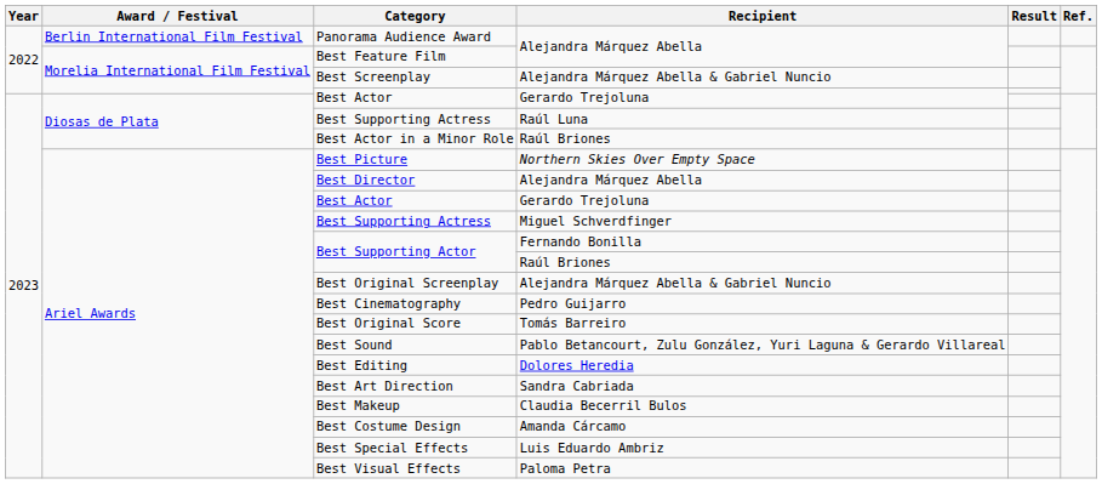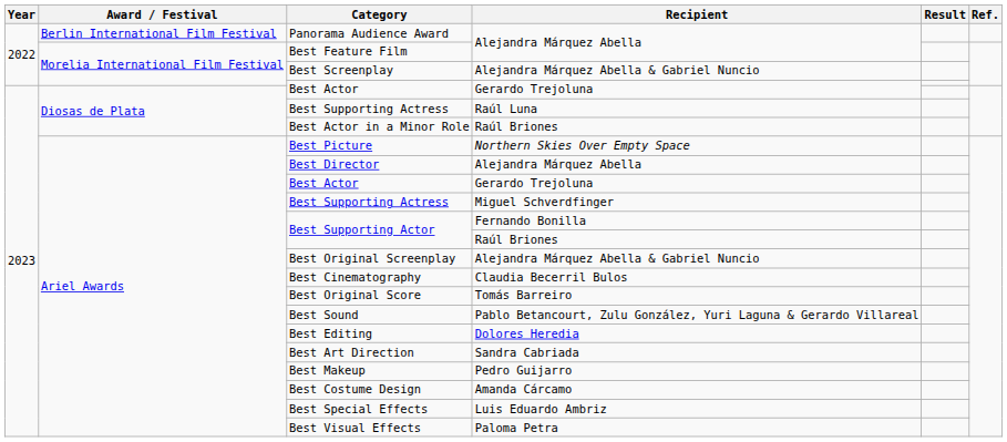 <table class="wikitable">
 <tr>
 <th>Year</th>
 <th>Award / Festival</th>
 <th>Category</th>
 <th>Recipient</th>
 <th>Result</th>
 <th>Ref.</th>
 </tr>
 <tr>
 <td rowspan="4">2022</td>
 <td><a href='#'>Berlin International Film Festival</a></td>
 <td>Panorama Audience Award</td>
 <td rowspan="2">Alejandra Márquez Abella</td>
 <td></td>
 <td></td>
 </tr>
 <tr>
 <td rowspan="3"><a href='#'>Morelia International Film Festival</a></td>
 <td>Best Feature Film</td>
 <td></td>
 <td rowspan="3"></td>
 </tr>
 <tr>
 <td>Best Screenplay</td>
 <td>Alejandra Márquez Abella & Gabriel Nuncio</td>
 <td></td>
 </tr>
 <tr>
 <td rowspan="2">Best Actor</td>
 <td rowspan="2">Gerardo Trejoluna</td>
 <td></td>
 </tr>
 <tr>
 <td rowspan="19">2023</td>
 <td rowspan="3"><a href='#'>Diosas de Plata</a></td>
 <td></td>
 <td rowspan="3"></td>
 </tr>
 <tr>
 <td>Best Supporting Actress</td>
 <td>Raúl Luna</td>
 <td></td>
 </tr>
 <tr>
 <td>Best Actor in a Minor Role</td>
 <td>Raúl Briones</td>
 <td></td>
 </tr>
 <tr>
 <td rowspan="16"><a href='#'>Ariel Awards</a></td>
 <td><a href='#'>Best Picture</a></td>
 <td><em>Northern Skies Over Empty Space</em></td>
 <td></td>
 <td rowspan="16"></td>
 </tr>
 <tr>
 <td><a href='#'>Best Director</a></td>
 <td>Alejandra Márquez Abella</td>
 <td></td>
 </tr>
 <tr>
 <td><a href='#'>Best Actor</a></td>
 <td>Gerardo Trejoluna</td>
 <td></td>
 </tr>
 <tr>
 <td><a href='#'>Best Supporting Actress</a></td>
 <td>Miguel Schverdfinger</td>
 <td></td>
 </tr>
 <tr>
 <td rowspan="2"><a href='#'>Best Supporting Actor</a></td>
 <td>Fernando Bonilla</td>
 <td></td>
 </tr>
 <tr>
 <td>Raúl Briones</td>
 <td></td>
 </tr>
 <tr>
 <td>Best Original Screenplay</td>
 <td>Alejandra Márquez Abella & Gabriel Nuncio</td>
 <td></td>
 </tr>
 <tr>
 <td>Best Cinematography</td>
-<td>Pedro Guijarro</td>
+<td>Claudia Becerril Bulos</td>
 <td></td>
 </tr>
 <tr>
 <td>Best Original Score</td>
 <td>Tomás Barreiro</td>
 <td></td>
 </tr>
 <tr>
 <td>Best Sound</td>
 <td>Pablo Betancourt, Zulu González, Yuri Laguna & Gerardo Villareal</td>
 <td></td>
 </tr>
 <tr>
 <td>Best Editing</td>
 <td><a href='#'>Dolores Heredia</a></td>
 <td></td>
 </tr>
 <tr>
 <td>Best Art Direction</td>
 <td>Sandra Cabriada</td>
 <td></td>
 </tr>
 <tr>
 <td>Best Makeup</td>
-<td>Claudia Becerril Bulos</td>
+<td>Pedro Guijarro</td>
 <td></td>
 </tr>
 <tr>
 <td>Best Costume Design</td>
 <td>Amanda Cárcamo</td>
 <td></td>
 </tr>
 <tr>
 <td>Best Special Effects</td>
 <td>Luis Eduardo Ambriz</td>
 <td></td>
 </tr>
 <tr>
 <td>Best Visual Effects</td>
 <td>Paloma Petra</td>
 <td></td>
 </tr>
 </table>
